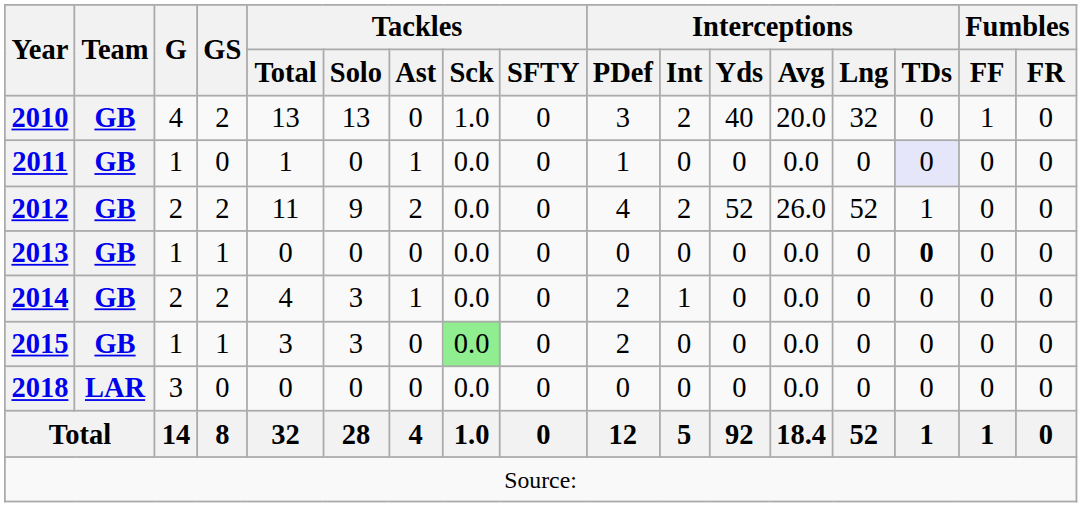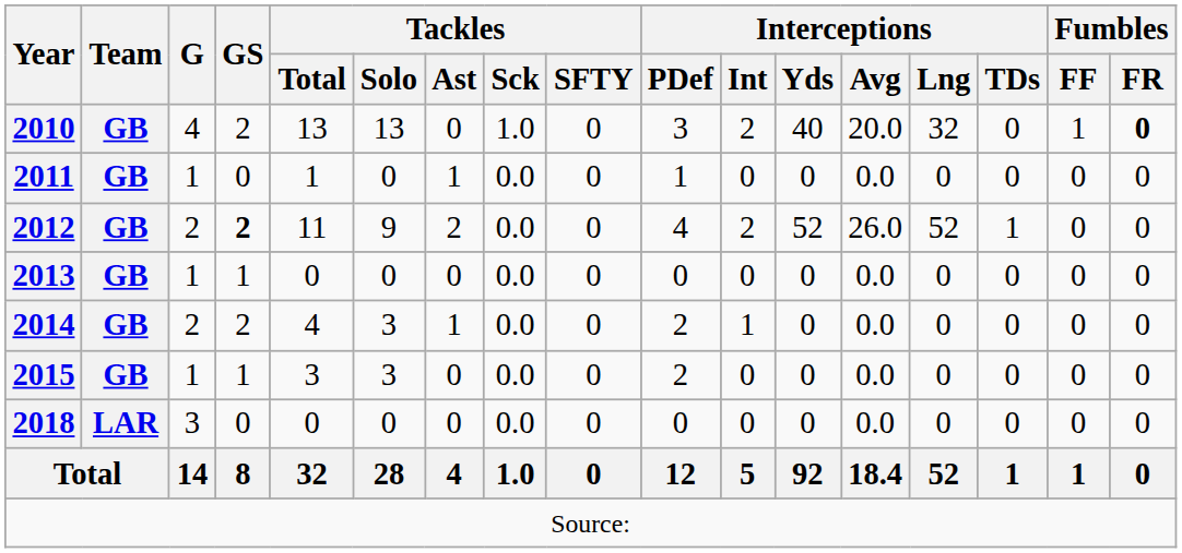 <table class="wikitable" style="text-align: center;">
 <tr>
 <th rowspan=2>Year</th>
 <th rowspan=2>Team</th>
 <th rowspan=2>G</th>
 <th rowspan=2>GS</th>
 <th colspan=5>Tackles</th>
 <th colspan=6>Interceptions</th>
 <th colspan=2>Fumbles</th>
 </tr>
 <tr>
 <th>Total</th>
 <th>Solo</th>
 <th>Ast</th>
 <th>Sck</th>
 <th>SFTY</th>
 <th>PDef</th>
 <th>Int</th>
 <th>Yds</th>
 <th>Avg</th>
 <th>Lng</th>
 <th>TDs</th>
 <th>FF</th>
 <th>FR</th>
 </tr>
 <tr>
 <th><a href='#'>2010</a></th>
 <th><a href='#'>GB</a></th>
 <td>4</td>
 <td>2</td>
 <td>13</td>
 <td>13</td>
 <td>0</td>
 <td>1.0</td>
 <td>0</td>
 <td>3</td>
 <td>2</td>
 <td>40</td>
 <td>20.0</td>
 <td>32</td>
 <td>0</td>
 <td>1</td>
-<td>0</td>
+<td><strong>0</strong></td>
 </tr>
 <tr>
 <th><a href='#'>2011</a></th>
 <th><a href='#'>GB</a></th>
 <td>1</td>
 <td>0</td>
 <td>1</td>
 <td>0</td>
 <td>1</td>
 <td>0.0</td>
 <td>0</td>
 <td>1</td>
 <td>0</td>
 <td>0</td>
 <td>0.0</td>
 <td>0</td>
-<td style="background: lavender;">0</td>
+<td>0</td>
 <td>0</td>
 <td>0</td>
 </tr>
 <tr>
 <th><a href='#'>2012</a></th>
 <th><a href='#'>GB</a></th>
 <td>2</td>
-<td>2</td>
+<td><strong>2</strong></td>
 <td>11</td>
 <td>9</td>
 <td>2</td>
 <td>0.0</td>
 <td>0</td>
 <td>4</td>
 <td>2</td>
 <td>52</td>
 <td>26.0</td>
 <td>52</td>
 <td>1</td>
 <td>0</td>
 <td>0</td>
 </tr>
 <tr>
 <th><a href='#'>2013</a></th>
 <th><a href='#'>GB</a></th>
 <td>1</td>
 <td>1</td>
 <td>0</td>
 <td>0</td>
 <td>0</td>
 <td>0.0</td>
 <td>0</td>
 <td>0</td>
 <td>0</td>
 <td>0</td>
 <td>0.0</td>
 <td>0</td>
-<td><strong>0</strong></td>
+<td>0</td>
 <td>0</td>
 <td>0</td>
 </tr>
 <tr>
 <th><a href='#'>2014</a></th>
 <th><a href='#'>GB</a></th>
 <td>2</td>
 <td>2</td>
 <td>4</td>
 <td>3</td>
 <td>1</td>
 <td>0.0</td>
 <td>0</td>
 <td>2</td>
 <td>1</td>
 <td>0</td>
 <td>0.0</td>
 <td>0</td>
 <td>0</td>
 <td>0</td>
 <td>0</td>
 </tr>
 <tr>
 <th><a href='#'>2015</a></th>
 <th><a href='#'>GB</a></th>
 <td>1</td>
 <td>1</td>
 <td>3</td>
 <td>3</td>
 <td>0</td>
-<td style="background: lightgreen;">0.0</td>
+<td>0.0</td>
 <td>0</td>
 <td>2</td>
 <td>0</td>
 <td>0</td>
 <td>0.0</td>
 <td>0</td>
 <td>0</td>
 <td>0</td>
 <td>0</td>
 </tr>
 <tr>
 <th><a href='#'>2018</a></th>
 <th><a href='#'>LAR</a></th>
 <td>3</td>
 <td>0</td>
 <td>0</td>
 <td>0</td>
 <td>0</td>
 <td>0.0</td>
 <td>0</td>
 <td>0</td>
 <td>0</td>
 <td>0</td>
 <td>0.0</td>
 <td>0</td>
 <td>0</td>
 <td>0</td>
 <td>0</td>
 </tr>
 <tr>
 <th colspan=2>Total</th>
 <th>14</th>
 <th>8</th>
 <th>32</th>
 <th>28</th>
 <th>4</th>
 <th>1.0</th>
 <th>0</th>
 <th>12</th>
 <th>5</th>
 <th>92</th>
 <th>18.4</th>
 <th>52</th>
 <th>1</th>
 <th>1</th>
 <th>0</th>
 </tr>
 <tr>
 <td colspan="17"><small>Source: </small></td>
 </tr>
 </table>
